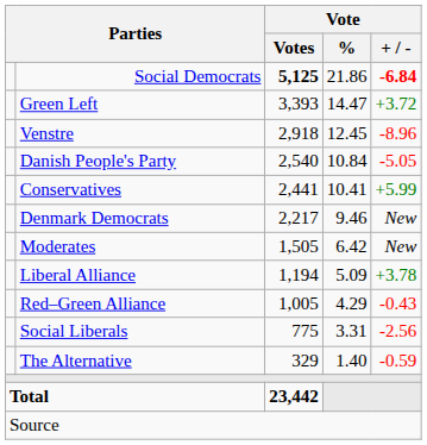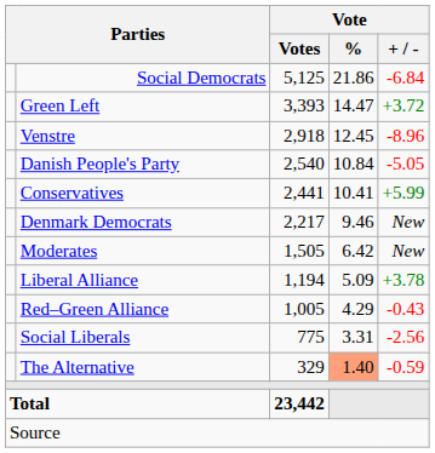 <table class="wikitable" style="text-align:right;">
 <tr>
 <th style="text-align:centre;" rowspan="2" colspan="2" width="225">Parties</th>
 <th colspan="3">Vote</th>
 </tr>
 <tr>
 <th width="15">Votes</th>
 <th width="15">%</th>
 <th width="15">+ / -</th>
 </tr>
 <tr>
 <td width=2 bgcolor=></td>
 <td><a href='#'>Social Democrats</a></td>
-<td><strong>5,125</strong></td>
+<td>5,125</td>
 <td>21.86</td>
-<td style=color:red;><strong>-6.84</strong></td>
+<td style=color:red;>-6.84</td>
 </tr>
 <tr>
 <td width=2 bgcolor=></td>
 <td align=left><a href='#'>Green Left</a></td>
 <td>3,393</td>
 <td>14.47</td>
 <td style=color:green;>+3.72</td>
 </tr>
 <tr>
 <td width=2 bgcolor=></td>
 <td align=left><a href='#'>Venstre</a></td>
 <td>2,918</td>
 <td>12.45</td>
 <td style=color:red;>-8.96</td>
 </tr>
 <tr>
 <td width=2 bgcolor=></td>
 <td align=left><a href='#'>Danish People's Party</a></td>
 <td>2,540</td>
 <td>10.84</td>
 <td style=color:red;>-5.05</td>
 </tr>
 <tr>
 <td width=2 bgcolor=></td>
 <td align=left><a href='#'>Conservatives</a></td>
 <td>2,441</td>
 <td>10.41</td>
 <td style=color:green;>+5.99</td>
 </tr>
 <tr>
 <td width=2 bgcolor=></td>
 <td align=left><a href='#'>Denmark Democrats</a></td>
 <td>2,217</td>
 <td>9.46</td>
 <td><em>New</em></td>
 </tr>
 <tr>
 <td width=2 bgcolor=></td>
 <td align=left><a href='#'>Moderates</a></td>
 <td>1,505</td>
 <td>6.42</td>
 <td><em>New</em></td>
 </tr>
 <tr>
 <td width=2 bgcolor=></td>
 <td align=left><a href='#'>Liberal Alliance</a></td>
 <td>1,194</td>
 <td>5.09</td>
 <td style=color:green;>+3.78</td>
 </tr>
 <tr>
 <td width=2 bgcolor=></td>
 <td align=left><a href='#'>Red–Green Alliance</a></td>
 <td>1,005</td>
 <td>4.29</td>
 <td style=color:red;>-0.43</td>
 </tr>
 <tr>
 <td width=2 bgcolor=></td>
 <td align=left><a href='#'>Social Liberals</a></td>
 <td>775</td>
 <td>3.31</td>
 <td style=color:red;>-2.56</td>
 </tr>
 <tr>
 <td width=2 bgcolor=></td>
 <td align=left><a href='#'>The Alternative</a></td>
 <td>329</td>
-<td>1.40</td>
+<td style="background: lightsalmon;">1.40</td>
 <td style=color:red;>-0.59</td>
 </tr>
 <tr>
 <td colspan="7" bgcolor="#E9E9E9"></td>
 </tr>
 <tr>
 <td align="left" colspan="2"><strong>Total</strong></td>
 <td><strong>23,442</strong></td>
 <td bgcolor=#E9E9E9 colspan=2></td>
 </tr>
 <tr>
 <td align="left" colspan="6">Source</td>
 </tr>
 </table>
